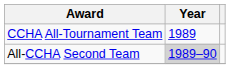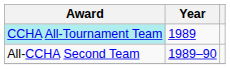 <table class="wikitable">
 <tr>
 <th>Award</th>
 <th>Year</th>
 <th></th>
 </tr>
 <tr>
-<td><a href='#'>CCHA</a> <a href='#'>All-Tournament Team</a></td>
+<td style="background: paleturquoise;"><a href='#'>CCHA</a> <a href='#'>All-Tournament Team</a></td>
 <td><a href='#'>1989</a></td>
 <td></td>
 </tr>
 <tr>
 <td>All-<a href='#'>CCHA</a> <a href='#'>Second Team</a></td>
-<td style="background: lightgrey;"><a href='#'>1989–90</a></td>
+<td><a href='#'>1989–90</a></td>
 <td></td>
 </tr>
 <tr>
 </tr>
 </table>
